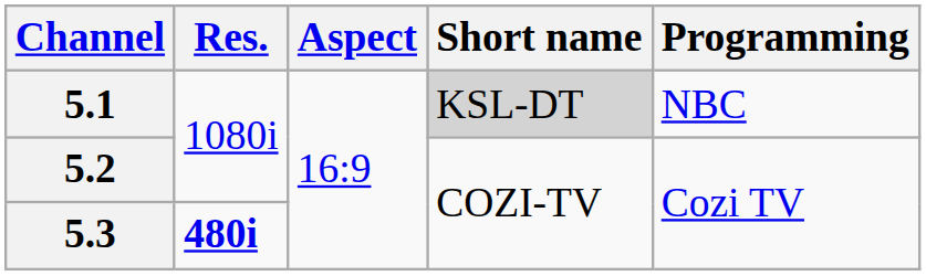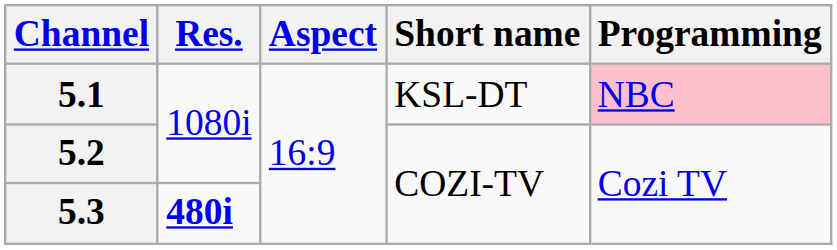 <table class="wikitable">
 <tr>
 <th scope = "col"><a href='#'>Channel</a></th>
 <th scope = "col"><a href='#'>Res.</a></th>
 <th scope = "col"><a href='#'>Aspect</a></th>
 <th scope = "col">Short name</th>
 <th scope = "col">Programming</th>
 </tr>
 <tr>
 <th scope = "row">5.1</th>
 <td rowspan=2><a href='#'>1080i</a></td>
 <td rowspan=3><a href='#'>16:9</a></td>
-<td style="background: lightgrey;">KSL-DT</td>
-<td><a href='#'>NBC</a></td>
+<td>KSL-DT</td>
+<td style="background: pink;"><a href='#'>NBC</a></td>
 </tr>
 <tr>
 <th scope = "row">5.2</th>
 <td rowspan=2>COZI-TV</td>
 <td rowspan=2><a href='#'>Cozi TV</a></td>
 </tr>
 <tr>
 <th scope = "row">5.3</th>
 <td><strong><a href='#'>480i</a></strong></td>
 </tr>
 </table>
